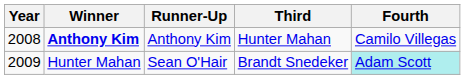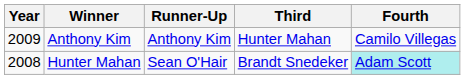 <table class="wikitable">
 <tr>
 <th>Year</th>
 <th>Winner</th>
 <th>Runner-Up</th>
 <th>Third</th>
 <th>Fourth</th>
 </tr>
 <tr>
-<td>2008</td>
-<td><strong> <a href='#'>Anthony Kim</a></strong></td>
+<td>2009</td>
+<td> <a href='#'>Anthony Kim</a></td>
 <td> <a href='#'>Anthony Kim</a></td>
 <td> <a href='#'>Hunter Mahan</a></td>
 <td> <a href='#'>Camilo Villegas</a></td>
 </tr>
 <tr>
-<td>2009</td>
+<td>2008</td>
 <td> <a href='#'>Hunter Mahan</a></td>
 <td> <a href='#'>Sean O'Hair</a></td>
 <td> <a href='#'>Brandt Snedeker</a></td>
 <td style="background: paleturquoise;"> <a href='#'>Adam Scott</a></td>
 </tr>
 </table>
